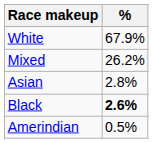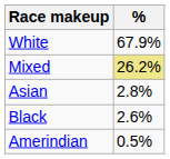 <table class="wikitable">
 <tr>
 <th>Race makeup</th>
 <th>%</th>
 </tr>
 <tr>
 <td><a href='#'>White</a></td>
 <td>67.9%</td>
 </tr>
 <tr>
 <td><a href='#'>Mixed</a></td>
-<td>26.2%</td>
+<td style="background: khaki;">26.2%</td>
 </tr>
 <tr>
 <td><a href='#'>Asian</a></td>
 <td>2.8%</td>
 </tr>
 <tr>
 <td><a href='#'>Black</a></td>
-<td><strong>2.6%</strong></td>
+<td>2.6%</td>
 </tr>
 <tr>
 <td><a href='#'>Amerindian</a></td>
 <td>0.5%</td>
 </tr>
 </table>
